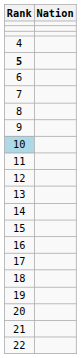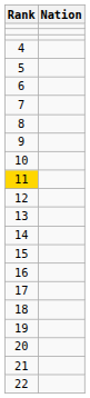 <table class="wikitable sortable" style="text-align:left">
 <tr>
 <th>Rank</th>
 <th>Nation</th>
 </tr>
 <tr>
 <td align="center"></td>
 <td></td>
 </tr>
 <tr>
 <td align="center"></td>
 <td></td>
 </tr>
 <tr>
 <td align="center"></td>
 <td></td>
 </tr>
 <tr>
 <td align="center">4</td>
 <td></td>
 </tr>
 <tr>
-<td align="center"><strong>5</strong></td>
+<td align="center">5</td>
 <td></td>
 </tr>
 <tr>
 <td align="center">6</td>
 <td></td>
 </tr>
 <tr>
 <td align="center">7</td>
 <td></td>
 </tr>
 <tr>
 <td align="center">8</td>
 <td></td>
 </tr>
 <tr>
 <td align="center">9</td>
 <td></td>
 </tr>
 <tr>
-<td align="center" style="background: lightblue;">10</td>
+<td align="center">10</td>
 <td></td>
 </tr>
 <tr>
-<td align="center">11</td>
+<td align="center" style="background: gold;">11</td>
 <td></td>
 </tr>
 <tr>
 <td align="center">12</td>
 <td></td>
 </tr>
 <tr>
 <td align="center">13</td>
 <td></td>
 </tr>
 <tr>
 <td align="center">14</td>
 <td></td>
 </tr>
 <tr>
 <td align="center">15</td>
 <td></td>
 </tr>
 <tr>
 <td align="center">16</td>
 <td></td>
 </tr>
 <tr>
 <td align="center">17</td>
 <td></td>
 </tr>
 <tr>
 <td align="center">18</td>
 <td></td>
 </tr>
 <tr>
 <td align="center">19</td>
 <td></td>
 </tr>
 <tr>
 <td align="center">20</td>
 <td></td>
 </tr>
 <tr>
 <td align="center">21</td>
 <td></td>
 </tr>
 <tr>
 <td align="center">22</td>
 <td></td>
 </tr>
 </table>
